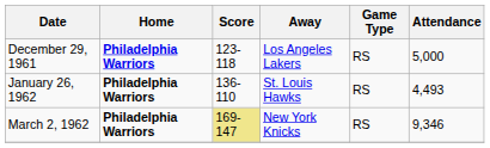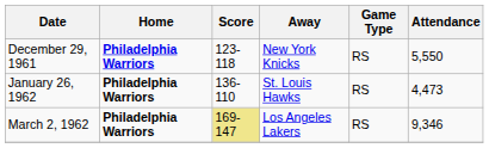 <table class="wikitable">
 <tr>
 <th>Date</th>
 <th>Home</th>
 <th>Score</th>
 <th>Away</th>
 <th>Game Type</th>
 <th>Attendance</th>
 </tr>
 <tr>
 <td>December 29, 1961</td>
 <td><strong><a href='#'>Philadelphia Warriors</a></strong></td>
 <td>123-118</td>
-<td><a href='#'>Los Angeles Lakers</a></td>
+<td><a href='#'>New York Knicks</a></td>
 <td>RS</td>
-<td>5,000</td>
+<td>5,550</td>
 </tr>
 <tr>
 <td>January 26, 1962</td>
 <td><strong>Philadelphia Warriors</strong></td>
 <td>136-110</td>
 <td><a href='#'>St. Louis Hawks</a></td>
 <td>RS</td>
-<td>4,493</td>
+<td>4,473</td>
 </tr>
 <tr>
 <td>March 2, 1962</td>
 <td><strong>Philadelphia Warriors</strong></td>
 <td style="background: khaki;">169-147</td>
-<td><a href='#'>New York Knicks</a></td>
+<td><a href='#'>Los Angeles Lakers</a></td>
 <td>RS</td>
 <td>9,346</td>
 </tr>
 <tr>
 </tr>
 </table>
